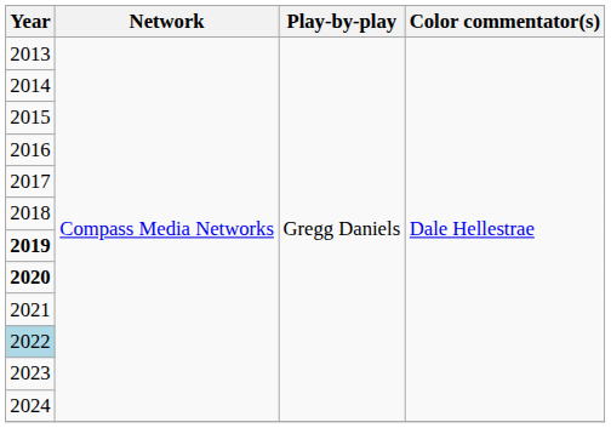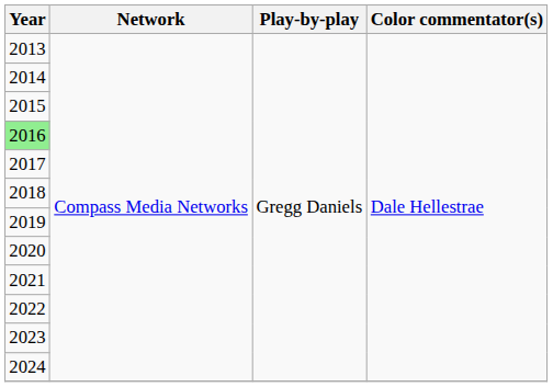 <table class="wikitable">
 <tr>
 <th>Year</th>
 <th>Network</th>
 <th>Play-by-play</th>
 <th>Color commentator(s)</th>
 </tr>
 <tr>
 <td>2013</td>
 <td rowspan="12"><a href='#'>Compass Media Networks</a></td>
 <td rowspan="12">Gregg Daniels</td>
 <td rowspan="12"><a href='#'>Dale Hellestrae</a></td>
 </tr>
 <tr>
 <td>2014</td>
 </tr>
 <tr>
 <td>2015</td>
 </tr>
 <tr>
-<td>2016</td>
+<td style="background: lightgreen;">2016</td>
 </tr>
 <tr>
 <td>2017</td>
 </tr>
 <tr>
 <td>2018</td>
 </tr>
 <tr>
-<td><strong>2019</strong></td>
+<td>2019</td>
 </tr>
 <tr>
-<td><strong>2020</strong></td>
+<td>2020</td>
 </tr>
 <tr>
 <td>2021</td>
 </tr>
 <tr>
-<td style="background: lightblue;">2022</td>
+<td>2022</td>
 </tr>
 <tr>
 <td>2023</td>
 </tr>
 <tr>
 <td>2024</td>
 </tr>
 <tr>
 </tr>
 </table>
